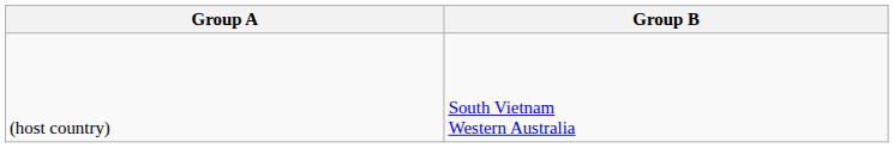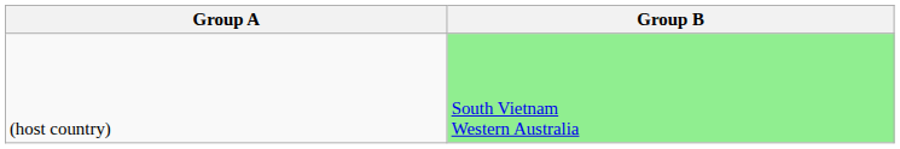 <table class="wikitable" width=50%>
 <tr>
 <th width=5%>Group A</th>
 <th width=5%>Group B</th>
 </tr>
 <tr>
 <td><br> <br>  <br>    <br>  (host country) <br></td>
-<td><br>  <br>  <br>  <a href='#'>South Vietnam</a> <br>  <a href='#'>Western Australia</a> <br></td>
+<td style="background: lightgreen;"><br>  <br>  <br>  <a href='#'>South Vietnam</a> <br>  <a href='#'>Western Australia</a> <br></td>
 </tr>
 </table>
